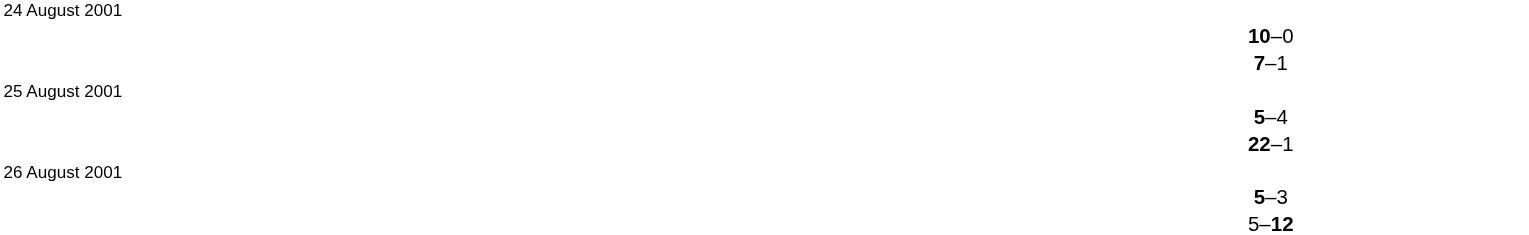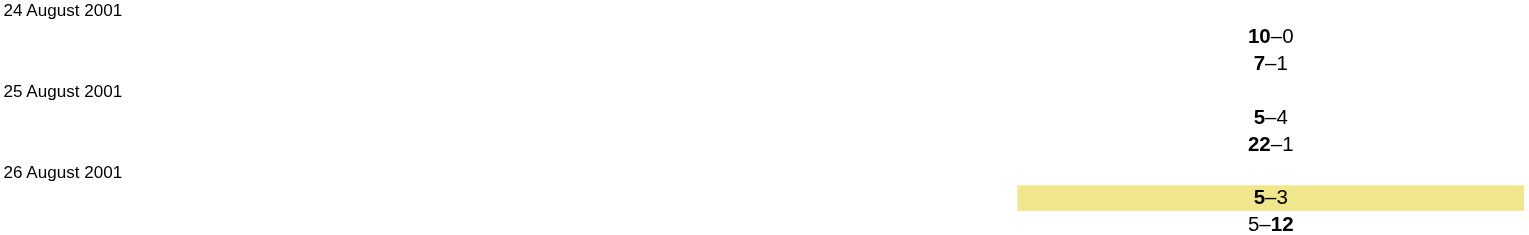 <table width=100% cellspacing=1>
 <tr>
 <th width=40%></th>
 <th width=20%></th>
 <th></th>
 </tr>
 <tr>
 <td><small>24 August 2001</small></td>
 </tr>
 <tr>
 <td align=right><strong></strong></td>
 <td align=center><strong>10</strong>–0</td>
 <td></td>
 </tr>
 <tr>
 <td align=right><strong></strong></td>
 <td align=center><strong>7</strong>–1</td>
 <td></td>
 </tr>
 <tr>
 <td><small>25 August 2001</small></td>
 </tr>
 <tr>
 <td align=right><strong></strong></td>
 <td align=center><strong>5</strong>–4</td>
 <td></td>
 </tr>
 <tr>
 <td align=right><strong></strong></td>
 <td align=center><strong>22</strong>–1</td>
 <td></td>
 </tr>
 <tr>
 <td><small>26 August 2001</small></td>
 </tr>
 <tr>
 <td align=right><strong></strong></td>
-<td align=center><strong>5</strong>–3</td>
+<td align=center style="background: khaki;"><strong>5</strong>–3</td>
 <td></td>
 </tr>
 <tr>
 <td align=right></td>
 <td align=center>5–<strong>12</strong></td>
 <td><strong></strong></td>
 </tr>
 </table>
